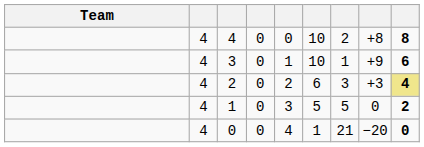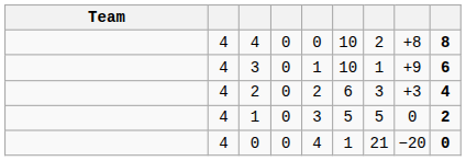 <table class="wikitable" style="text-align:center">
 <tr>
 <th width=165>Team</th>
 <th width=20></th>
 <th width=20></th>
 <th width=20></th>
 <th width=20></th>
 <th width=20></th>
 <th width=20></th>
 <th width=20></th>
 <th width=20></th>
 </tr>
 <tr align=center>
 <td align=left></td>
 <td>4</td>
 <td>4</td>
 <td>0</td>
 <td>0</td>
 <td>10</td>
 <td>2</td>
 <td>+8</td>
 <td><strong>8</strong></td>
 </tr>
 <tr align=center>
 <td align=left></td>
 <td>4</td>
 <td>3</td>
 <td>0</td>
 <td>1</td>
 <td>10</td>
 <td>1</td>
 <td>+9</td>
 <td><strong>6</strong></td>
 </tr>
 <tr align=center>
 <td align=left></td>
 <td>4</td>
 <td>2</td>
 <td>0</td>
 <td>2</td>
 <td>6</td>
 <td>3</td>
 <td>+3</td>
-<td style="background: khaki;"><strong>4</strong></td>
+<td><strong>4</strong></td>
 </tr>
 <tr align=center>
 <td align=left></td>
 <td>4</td>
 <td>1</td>
 <td>0</td>
 <td>3</td>
 <td>5</td>
 <td>5</td>
 <td>0</td>
 <td><strong>2</strong></td>
 </tr>
 <tr align=center>
 <td align=left></td>
 <td>4</td>
 <td>0</td>
 <td>0</td>
 <td>4</td>
 <td>1</td>
 <td>21</td>
 <td>−20</td>
 <td><strong>0</strong></td>
 </tr>
 </table>
